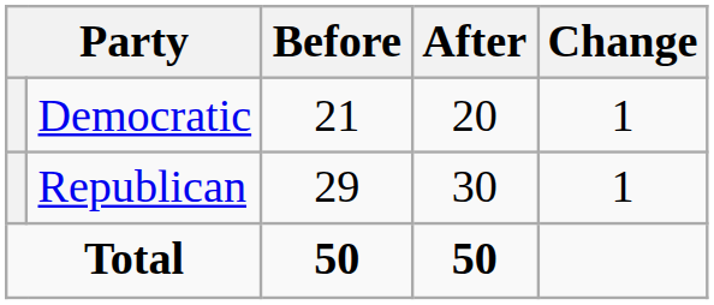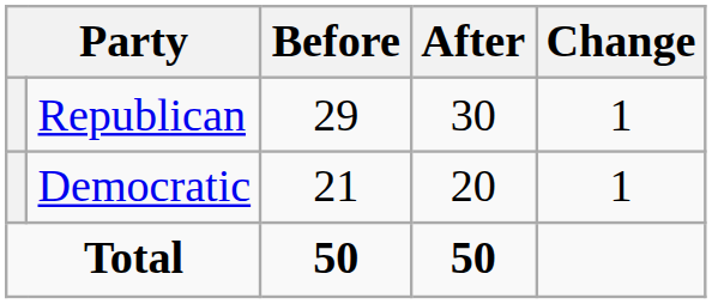 <table class="wikitable" style="text-align:center;">
 <tr>
 <th colspan="2">Party</th>
 <th>Before</th>
 <th>After</th>
 <th>Change</th>
 </tr>
 <tr>
 <th style="background-color:"></th>
-<td style="text-align:left;"><a href='#'>Democratic</a></td>
-<td>21</td>
-<td>20</td>
+<td style="text-align:left;"><a href='#'>Republican</a></td>
+<td>29</td>
+<td>30</td>
 <td> 1</td>
 </tr>
 <tr>
 <th style="background-color:"></th>
-<td style="text-align:left;"><a href='#'>Republican</a></td>
-<td>29</td>
-<td>30</td>
+<td style="text-align:left;"><a href='#'>Democratic</a></td>
+<td>21</td>
+<td>20</td>
 <td> 1</td>
 </tr>
 <tr>
 <td colspan="2"><strong>Total</strong></td>
 <td><strong>50</strong></td>
 <td><strong>50</strong></td>
 <td></td>
 </tr>
 </table>
